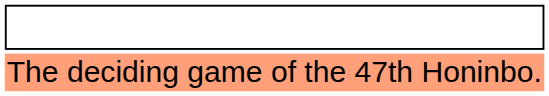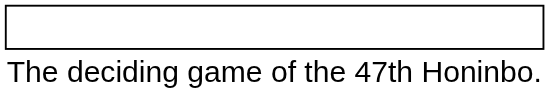 <table style="margin:1em;">
 <tr>
 <td style="border: solid thin; padding: 2px;"><br></td>
 </tr>
 <tr>
-<td style="background: lightsalmon; text-align:center">The deciding game of the 47th Honinbo.</td>
+<td style="text-align:center">The deciding game of the 47th Honinbo.</td>
 </tr>
 </table>
